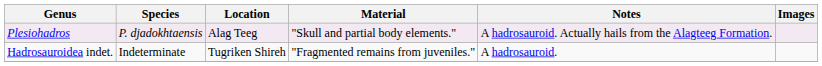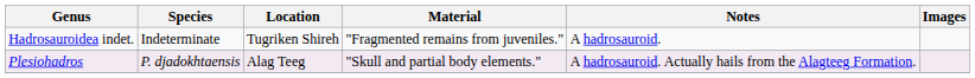 <table class="wikitable sortable">
 <tr>
 <th>Genus</th>
 <th>Species</th>
 <th>Location</th>
 <th>Material</th>
 <th>Notes</th>
 <th>Images</th>
 </tr>
 <tr>
+<td><a href='#'>Hadrosauroidea</a> indet.</td>
+<td>Indeterminate</td>
+<td>Tugriken Shireh</td>
+<td>"Fragmented remains from juveniles."</td>
+<td>A <a href='#'>hadrosauroid</a>.</td>
+<td></td>
+</tr>
+<tr>
 <td style="background:#f3e9f3;"><em><a href='#'>Plesiohadros</a></em></td>
 <td style="background:#f3e9f3;"><em>P. djadokhtaensis</em></td>
 <td style="background:#f3e9f3;">Alag Teeg</td>
 <td style="background:#f3e9f3;">"Skull and partial body elements."</td>
 <td style="background:#f3e9f3;">A <a href='#'>hadrosauroid</a>. Actually hails from the <a href='#'>Alagteeg Formation</a>.</td>
 <td style="background:#f3e9f3;"></td>
 </tr>
 <tr>
-<td><a href='#'>Hadrosauroidea</a> indet.</td>
-<td>Indeterminate</td>
-<td>Tugriken Shireh</td>
-<td>"Fragmented remains from juveniles."</td>
-<td>A <a href='#'>hadrosauroid</a>.</td>
-<td></td>
-</tr>
-<tr>
 </tr>
 </table>
